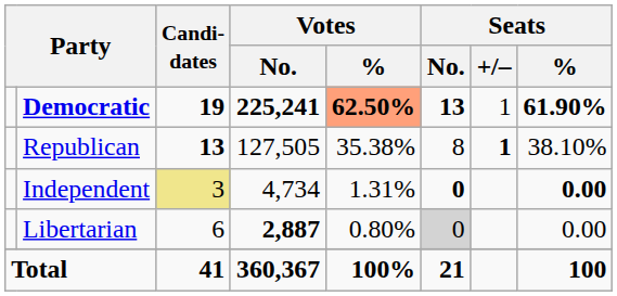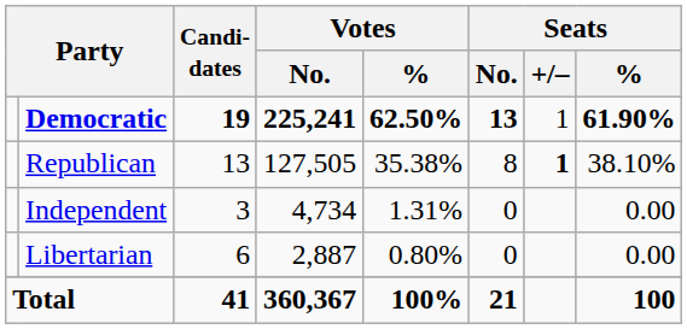 <table class="wikitable" style="font-size:100%; text-align:right;">
 <tr>
 <th colspan=2 rowspan=2>Party</th>
 <th rowspan=2><small>Candi-<br>dates</small></th>
 <th colspan=2>Votes</th>
 <th colspan=3>Seats</th>
 </tr>
 <tr>
 <th>No.</th>
 <th>%</th>
 <th>No.</th>
 <th>+/–</th>
 <th>%</th>
 </tr>
 <tr>
 <td style="background:"></td>
 <td align=left><strong><a href='#'>Democratic</a></strong></td>
 <td><strong>19</strong></td>
 <td><strong>225,241</strong></td>
-<td style="background: lightsalmon;"><strong>62.50%</strong></td>
+<td><strong>62.50%</strong></td>
 <td><strong>13</strong></td>
 <td>1</td>
 <td><strong>61.90%</strong></td>
 </tr>
 <tr>
 <td style="background:"></td>
 <td align=left><a href='#'>Republican</a></td>
-<td><strong>13</strong></td>
+<td>13</td>
 <td>127,505</td>
 <td>35.38%</td>
 <td>8</td>
 <td><strong>1</strong></td>
 <td>38.10%</td>
 </tr>
 <tr>
 <td style="background:"></td>
 <td align=left><a href='#'>Independent</a></td>
-<td style="background: khaki;">3</td>
+<td>3</td>
 <td>4,734</td>
 <td>1.31%</td>
-<td><strong>0</strong></td>
+<td>0</td>
 <td></td>
-<td><strong>0.00</strong></td>
+<td>0.00</td>
 </tr>
 <tr>
 <td style="background:"></td>
 <td align=left><a href='#'>Libertarian</a></td>
 <td>6</td>
-<td><strong>2,887</strong></td>
+<td>2,887</td>
 <td>0.80%</td>
-<td style="background: lightgrey;">0</td>
+<td>0</td>
 <td></td>
 <td>0.00</td>
 </tr>
 <tr>
 </tr>
 <tr style="font-weight:bold">
 <td colspan=2 align=left>Total</td>
 <td>41</td>
 <td>360,367</td>
 <td>100%</td>
 <td>21</td>
 <td></td>
 <td>100</td>
 </tr>
 </table>
